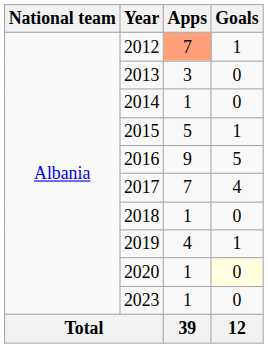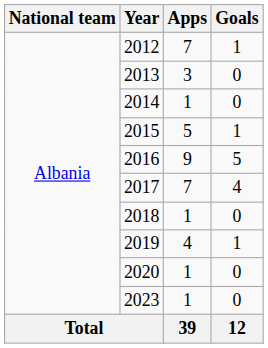 <table class="wikitable" style="text-align:center">
 <tr>
 <th>National team</th>
 <th>Year</th>
 <th>Apps</th>
 <th>Goals</th>
 </tr>
 <tr>
 <td rowspan="10"><a href='#'>Albania</a></td>
 <td>2012</td>
-<td style="background: lightsalmon;">7</td>
+<td>7</td>
 <td>1</td>
 </tr>
 <tr>
 <td>2013</td>
 <td>3</td>
 <td>0</td>
 </tr>
 <tr>
 <td>2014</td>
 <td>1</td>
 <td>0</td>
 </tr>
 <tr>
 <td>2015</td>
 <td>5</td>
 <td>1</td>
 </tr>
 <tr>
 <td>2016</td>
 <td>9</td>
 <td>5</td>
 </tr>
 <tr>
 <td>2017</td>
 <td>7</td>
 <td>4</td>
 </tr>
 <tr>
 <td>2018</td>
 <td>1</td>
 <td>0</td>
 </tr>
 <tr>
 <td>2019</td>
 <td>4</td>
 <td>1</td>
 </tr>
 <tr>
 <td>2020</td>
 <td>1</td>
-<td style="background: lightyellow;">0</td>
+<td>0</td>
 </tr>
 <tr>
 <td>2023</td>
 <td>1</td>
 <td>0</td>
 </tr>
 <tr>
 <th colspan="2">Total</th>
 <th>39</th>
 <th>12</th>
 </tr>
 </table>
